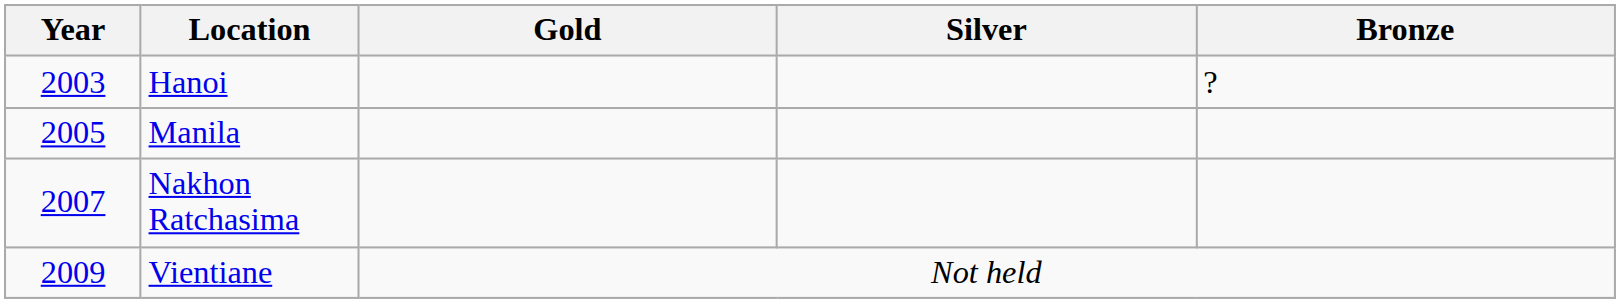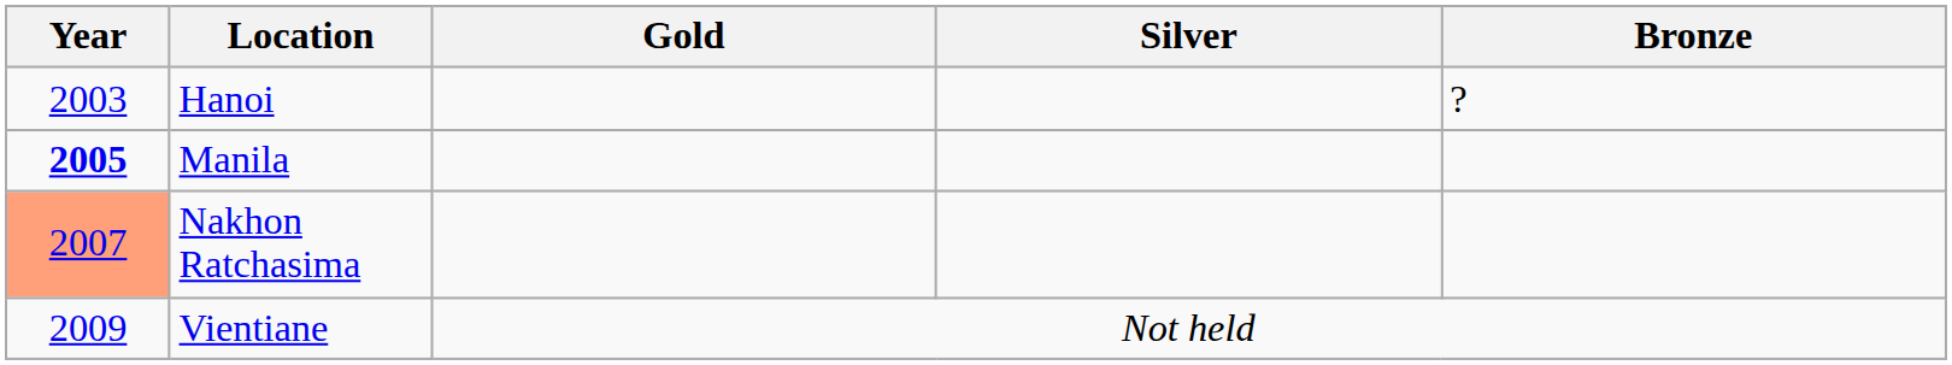 <table class="wikitable">
 <tr>
 <th width="60">Year</th>
 <th width="100">Location</th>
 <th width="200">Gold</th>
 <th width="200">Silver</th>
 <th width="200">Bronze</th>
 </tr>
 <tr>
 <td align="center"><a href='#'>2003</a></td>
 <td><a href='#'>Hanoi</a></td>
 <td></td>
 <td></td>
 <td>?</td>
 </tr>
 <tr>
-<td align="center"><a href='#'>2005</a></td>
+<td align="center"><strong><a href='#'>2005</a></strong></td>
 <td><a href='#'>Manila</a></td>
 <td></td>
 <td></td>
 <td></td>
 </tr>
 <tr>
-<td align="center"><a href='#'>2007</a></td>
+<td align="center" style="background: lightsalmon;"><a href='#'>2007</a></td>
 <td><a href='#'>Nakhon Ratchasima</a></td>
 <td></td>
 <td></td>
 <td></td>
 </tr>
 <tr>
 <td align="center"><a href='#'>2009</a></td>
 <td><a href='#'>Vientiane</a></td>
 <td colspan=3 align=center><em>Not held</em></td>
 </tr>
 </table>
